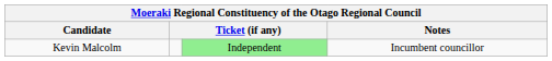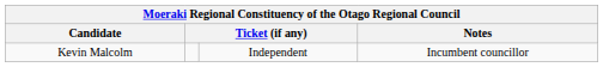 <table class="wikitable" style="text-align: center; width:50em">
 <tr>
 <th colspan="4"><a href='#'>Moeraki</a> Regional Constituency of the Otago Regional Council</th>
 </tr>
 <tr>
 <th>Candidate</th>
 <th colspan="2"><a href='#'>Ticket</a> (if any)</th>
 <th>Notes</th>
 </tr>
 <tr>
 <td>Kevin Malcolm</td>
 <td></td>
-<td style="background: lightgreen;">Independent</td>
+<td>Independent</td>
 <td>Incumbent councillor</td>
 </tr>
 </table>
